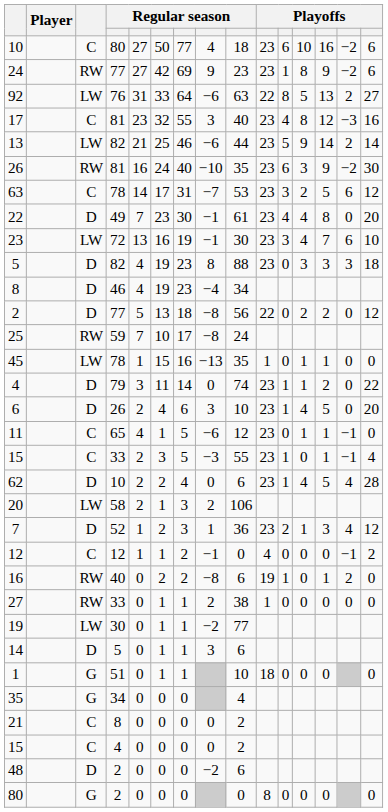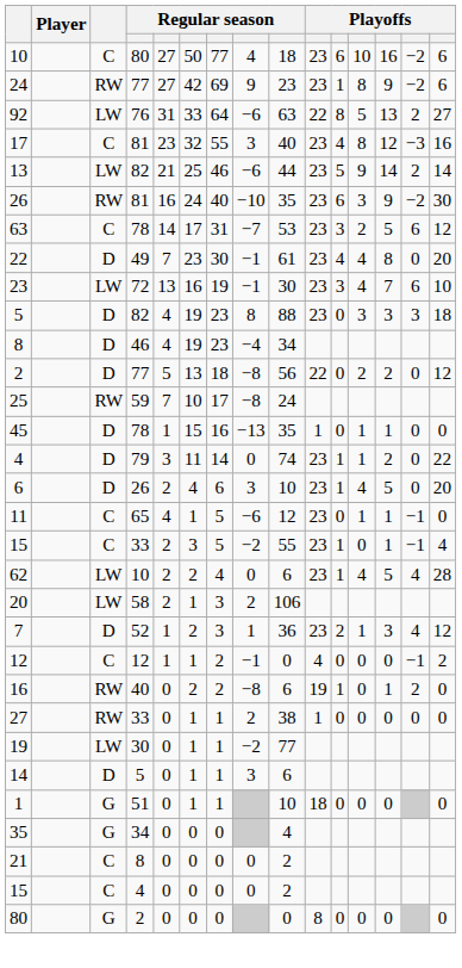 <table class="wikitable sortable plainrowheaders" style="text-align:center;">
 <tr>
 <th scope="col" data-sort-type="number" rowspan="2"></th>
 <th scope="col" rowspan="2">Player</th>
 <th scope="col" rowspan="2"></th>
 <th scope=colgroup colspan=6>Regular season</th>
 <th scope=colgroup colspan=6>Playoffs</th>
 </tr>
 <tr>
 <th scope="col" data-sort-type="number"></th>
 <th scope="col" data-sort-type="number"></th>
 <th scope="col" data-sort-type="number"></th>
 <th scope="col" data-sort-type="number"></th>
 <th scope="col" data-sort-type="number"></th>
 <th scope="col" data-sort-type="number"></th>
 <th scope="col" data-sort-type="number"></th>
 <th scope="col" data-sort-type="number"></th>
 <th scope="col" data-sort-type="number"></th>
 <th scope="col" data-sort-type="number"></th>
 <th scope="col" data-sort-type="number"></th>
 <th scope="col" data-sort-type="number"></th>
 </tr>
 <tr>
 <td scope="row">10</td>
 <td align="left"></td>
 <td>C</td>
 <td>80</td>
 <td>27</td>
 <td>50</td>
 <td>77</td>
 <td>4</td>
 <td>18</td>
 <td>23</td>
 <td>6</td>
 <td>10</td>
 <td>16</td>
 <td>−2</td>
 <td>6</td>
 </tr>
 <tr>
 <td scope="row">24</td>
 <td align="left"></td>
 <td>RW</td>
 <td>77</td>
 <td>27</td>
 <td>42</td>
 <td>69</td>
 <td>9</td>
 <td>23</td>
 <td>23</td>
 <td>1</td>
 <td>8</td>
 <td>9</td>
 <td>−2</td>
 <td>6</td>
 </tr>
 <tr>
 <td scope="row">92</td>
 <td align="left"></td>
 <td>LW</td>
 <td>76</td>
 <td>31</td>
 <td>33</td>
 <td>64</td>
 <td>−6</td>
 <td>63</td>
 <td>22</td>
 <td>8</td>
 <td>5</td>
 <td>13</td>
 <td>2</td>
 <td>27</td>
 </tr>
 <tr>
 <td scope="row">17</td>
 <td align="left"></td>
 <td>C</td>
 <td>81</td>
 <td>23</td>
 <td>32</td>
 <td>55</td>
 <td>3</td>
 <td>40</td>
 <td>23</td>
 <td>4</td>
 <td>8</td>
 <td>12</td>
 <td>−3</td>
 <td>16</td>
 </tr>
 <tr>
 <td scope="row">13</td>
 <td align="left"></td>
 <td>LW</td>
 <td>82</td>
 <td>21</td>
 <td>25</td>
 <td>46</td>
 <td>−6</td>
 <td>44</td>
 <td>23</td>
 <td>5</td>
 <td>9</td>
 <td>14</td>
 <td>2</td>
 <td>14</td>
 </tr>
 <tr>
 <td scope="row">26</td>
 <td align="left"></td>
 <td>RW</td>
 <td>81</td>
 <td>16</td>
 <td>24</td>
 <td>40</td>
 <td>−10</td>
 <td>35</td>
 <td>23</td>
 <td>6</td>
 <td>3</td>
 <td>9</td>
 <td>−2</td>
 <td>30</td>
 </tr>
 <tr>
 <td scope="row">63</td>
 <td align="left"></td>
 <td>C</td>
 <td>78</td>
 <td>14</td>
 <td>17</td>
 <td>31</td>
 <td>−7</td>
 <td>53</td>
 <td>23</td>
 <td>3</td>
 <td>2</td>
 <td>5</td>
 <td>6</td>
 <td>12</td>
 </tr>
 <tr>
 <td scope="row">22</td>
 <td align="left"></td>
 <td>D</td>
 <td>49</td>
 <td>7</td>
 <td>23</td>
 <td>30</td>
 <td>−1</td>
 <td>61</td>
 <td>23</td>
 <td>4</td>
 <td>4</td>
 <td>8</td>
 <td>0</td>
 <td>20</td>
 </tr>
 <tr>
 <td scope="row">23</td>
 <td align="left"></td>
 <td>LW</td>
 <td>72</td>
 <td>13</td>
 <td>16</td>
 <td>19</td>
 <td>−1</td>
 <td>30</td>
 <td>23</td>
 <td>3</td>
 <td>4</td>
 <td>7</td>
 <td>6</td>
 <td>10</td>
 </tr>
 <tr>
 <td scope="row">5</td>
 <td align="left"></td>
 <td>D</td>
 <td>82</td>
 <td>4</td>
 <td>19</td>
 <td>23</td>
 <td>8</td>
 <td>88</td>
 <td>23</td>
 <td>0</td>
 <td>3</td>
 <td>3</td>
 <td>3</td>
 <td>18</td>
 </tr>
 <tr>
 <td scope="row">8</td>
 <td align="left"></td>
 <td>D</td>
 <td>46</td>
 <td>4</td>
 <td>19</td>
 <td>23</td>
 <td>−4</td>
 <td>34</td>
 <td></td>
 <td></td>
 <td></td>
 <td></td>
 <td></td>
 <td></td>
 </tr>
 <tr>
 <td scope="row">2</td>
 <td align="left"></td>
 <td>D</td>
 <td>77</td>
 <td>5</td>
 <td>13</td>
 <td>18</td>
 <td>−8</td>
 <td>56</td>
 <td>22</td>
 <td>0</td>
 <td>2</td>
 <td>2</td>
 <td>0</td>
 <td>12</td>
 </tr>
 <tr>
 <td scope="row">25</td>
 <td align="left"></td>
 <td>RW</td>
 <td>59</td>
 <td>7</td>
 <td>10</td>
 <td>17</td>
 <td>−8</td>
 <td>24</td>
 <td></td>
 <td></td>
 <td></td>
 <td></td>
 <td></td>
 <td></td>
 </tr>
 <tr>
 <td scope="row">45</td>
 <td align="left"></td>
-<td>LW</td>
+<td>D</td>
 <td>78</td>
 <td>1</td>
 <td>15</td>
 <td>16</td>
 <td>−13</td>
 <td>35</td>
 <td>1</td>
 <td>0</td>
 <td>1</td>
 <td>1</td>
 <td>0</td>
 <td>0</td>
 </tr>
 <tr>
 <td scope="row">4</td>
 <td align="left"></td>
 <td>D</td>
 <td>79</td>
 <td>3</td>
 <td>11</td>
 <td>14</td>
 <td>0</td>
 <td>74</td>
 <td>23</td>
 <td>1</td>
 <td>1</td>
 <td>2</td>
 <td>0</td>
 <td>22</td>
 </tr>
 <tr>
 <td scope="row">6</td>
 <td align="left"></td>
 <td>D</td>
 <td>26</td>
 <td>2</td>
 <td>4</td>
 <td>6</td>
 <td>3</td>
 <td>10</td>
 <td>23</td>
 <td>1</td>
 <td>4</td>
 <td>5</td>
 <td>0</td>
 <td>20</td>
 </tr>
 <tr>
 <td scope="row">11</td>
 <td align="left"></td>
 <td>C</td>
 <td>65</td>
 <td>4</td>
 <td>1</td>
 <td>5</td>
 <td>−6</td>
 <td>12</td>
 <td>23</td>
 <td>0</td>
 <td>1</td>
 <td>1</td>
 <td>−1</td>
 <td>0</td>
 </tr>
 <tr>
 <td scope="row">15</td>
 <td align="left"></td>
 <td>C</td>
 <td>33</td>
 <td>2</td>
 <td>3</td>
 <td>5</td>
-<td>−3</td>
+<td>−2</td>
 <td>55</td>
 <td>23</td>
 <td>1</td>
 <td>0</td>
 <td>1</td>
 <td>−1</td>
 <td>4</td>
 </tr>
 <tr>
 <td scope="row">62</td>
 <td align="left"></td>
-<td>D</td>
+<td>LW</td>
 <td>10</td>
 <td>2</td>
 <td>2</td>
 <td>4</td>
 <td>0</td>
 <td>6</td>
 <td>23</td>
 <td>1</td>
 <td>4</td>
 <td>5</td>
 <td>4</td>
 <td>28</td>
 </tr>
 <tr>
 <td scope="row">20</td>
 <td align="left"></td>
 <td>LW</td>
 <td>58</td>
 <td>2</td>
 <td>1</td>
 <td>3</td>
 <td>2</td>
 <td>106</td>
 <td></td>
 <td></td>
 <td></td>
 <td></td>
 <td></td>
 <td></td>
 </tr>
 <tr>
 <td scope="row">7</td>
 <td align="left"></td>
 <td>D</td>
 <td>52</td>
 <td>1</td>
 <td>2</td>
 <td>3</td>
 <td>1</td>
 <td>36</td>
 <td>23</td>
 <td>2</td>
 <td>1</td>
 <td>3</td>
 <td>4</td>
 <td>12</td>
 </tr>
 <tr>
 <td scope="row">12</td>
 <td align="left"></td>
 <td>C</td>
 <td>12</td>
 <td>1</td>
 <td>1</td>
 <td>2</td>
 <td>−1</td>
 <td>0</td>
 <td>4</td>
 <td>0</td>
 <td>0</td>
 <td>0</td>
 <td>−1</td>
 <td>2</td>
 </tr>
 <tr>
 <td scope="row">16</td>
 <td align="left"></td>
 <td>RW</td>
 <td>40</td>
 <td>0</td>
 <td>2</td>
 <td>2</td>
 <td>−8</td>
 <td>6</td>
 <td>19</td>
 <td>1</td>
 <td>0</td>
 <td>1</td>
 <td>2</td>
 <td>0</td>
 </tr>
 <tr>
 <td scope="row">27</td>
 <td align="left"></td>
 <td>RW</td>
 <td>33</td>
 <td>0</td>
 <td>1</td>
 <td>1</td>
 <td>2</td>
 <td>38</td>
 <td>1</td>
 <td>0</td>
 <td>0</td>
 <td>0</td>
 <td>0</td>
 <td>0</td>
 </tr>
 <tr>
 <td scope="row">19</td>
 <td align="left"></td>
 <td>LW</td>
 <td>30</td>
 <td>0</td>
 <td>1</td>
 <td>1</td>
 <td>−2</td>
 <td>77</td>
 <td></td>
 <td></td>
 <td></td>
 <td></td>
 <td></td>
 <td></td>
 </tr>
 <tr>
 <td scope="row">14</td>
 <td align="left"></td>
 <td>D</td>
 <td>5</td>
 <td>0</td>
 <td>1</td>
 <td>1</td>
 <td>3</td>
 <td>6</td>
 <td></td>
 <td></td>
 <td></td>
 <td></td>
 <td></td>
 <td></td>
 </tr>
 <tr>
 <td scope="row">1</td>
 <td align="left"></td>
 <td>G</td>
 <td>51</td>
 <td>0</td>
 <td>1</td>
 <td>1</td>
 <td style="background:#ccc"></td>
 <td>10</td>
 <td>18</td>
 <td>0</td>
 <td>0</td>
 <td>0</td>
 <td style="background:#ccc"></td>
 <td>0</td>
 </tr>
 <tr>
 <td scope="row">35</td>
 <td align="left"></td>
 <td>G</td>
 <td>34</td>
 <td>0</td>
 <td>0</td>
 <td>0</td>
 <td style="background:#ccc"></td>
 <td>4</td>
 <td></td>
 <td></td>
 <td></td>
 <td></td>
 <td></td>
 <td></td>
 </tr>
 <tr>
 <td scope="row">21</td>
 <td align="left"></td>
 <td>C</td>
 <td>8</td>
 <td>0</td>
 <td>0</td>
 <td>0</td>
 <td>0</td>
 <td>2</td>
 <td></td>
 <td></td>
 <td></td>
 <td></td>
 <td></td>
 <td></td>
 </tr>
 <tr>
 <td scope="row">15</td>
 <td align="left"></td>
 <td>C</td>
 <td>4</td>
 <td>0</td>
 <td>0</td>
 <td>0</td>
 <td>0</td>
 <td>2</td>
 <td></td>
 <td></td>
 <td></td>
 <td></td>
 <td></td>
 <td></td>
 </tr>
 <tr>
-<td scope="row">48</td>
-<td align="left"></td>
-<td>D</td>
-<td>2</td>
-<td>0</td>
-<td>0</td>
-<td>0</td>
-<td>−2</td>
-<td>6</td>
-<td></td>
-<td></td>
-<td></td>
-<td></td>
-<td></td>
-<td></td>
-</tr>
-<tr>
 <td scope="row">80</td>
 <td align="left"></td>
 <td>G</td>
 <td>2</td>
 <td>0</td>
 <td>0</td>
 <td>0</td>
 <td style="background:#ccc"></td>
 <td>0</td>
 <td>8</td>
 <td>0</td>
 <td>0</td>
 <td>0</td>
 <td style="background:#ccc"></td>
 <td>0</td>
 </tr>
 </table>
